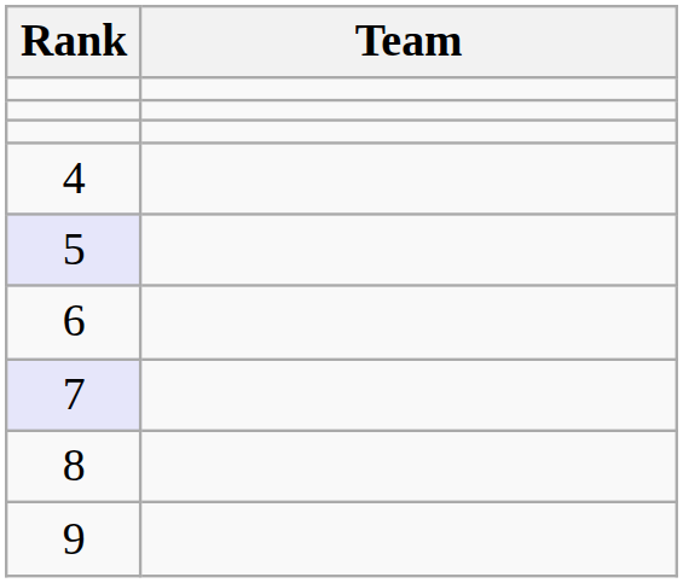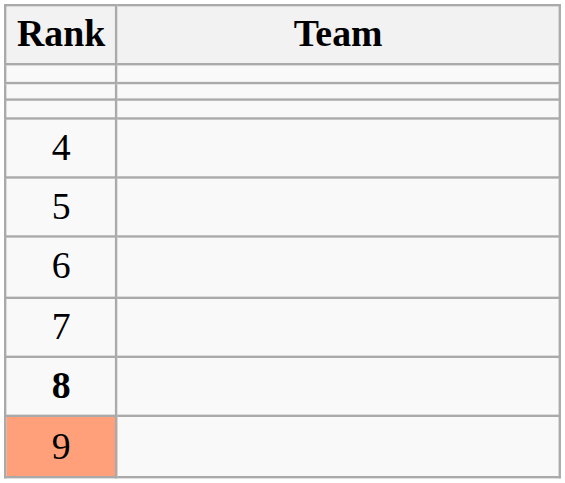 <table class=wikitable style="text-align:center;">
 <tr>
 <th width=40>Rank</th>
 <th width=180>Team</th>
 </tr>
 <tr>
 <td></td>
 <td align=left></td>
 </tr>
 <tr>
 <td></td>
 <td align=left></td>
 </tr>
 <tr>
 <td></td>
 <td align=left></td>
 </tr>
 <tr>
 <td>4</td>
 <td align=left></td>
 </tr>
 <tr>
-<td style="background: lavender;">5</td>
+<td>5</td>
 <td align=left></td>
 </tr>
 <tr>
 <td>6</td>
 <td align=left></td>
 </tr>
 <tr>
-<td style="background: lavender;">7</td>
+<td>7</td>
 <td align=left></td>
 </tr>
 <tr>
-<td>8</td>
+<td><strong>8</strong></td>
 <td align=left></td>
 </tr>
 <tr>
-<td>9</td>
+<td style="background: lightsalmon;">9</td>
 <td align=left></td>
 </tr>
 </table>
